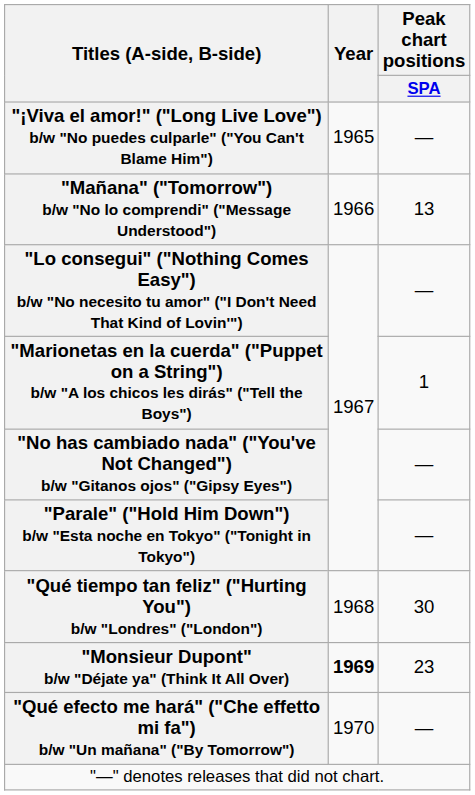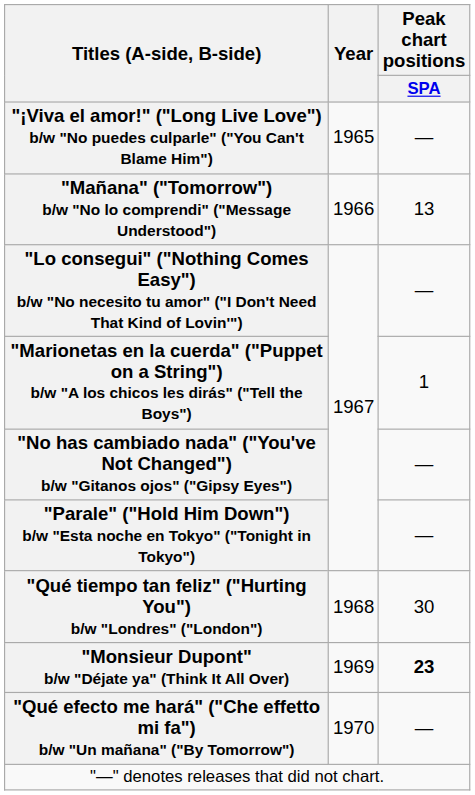 <table class="wikitable plainrowheaders" style="text-align:center;">
 <tr>
 <th rowspan="2" scope="col" style="width:17em;">Titles (A-side, B-side)</th>
 <th rowspan="2" scope="col" style="width:2em;">Year</th>
 <th>Peak chart positions</th>
 </tr>
 <tr>
 <th scope="col" style="width:2em;font-size:90%;"><a href='#'>SPA</a><br></th>
 </tr>
 <tr>
 <th scope="row">"¡Viva el amor!" ("Long Live Love")<br><small>b/w "No puedes culparle" ("You Can't Blame Him")</small></th>
 <td>1965</td>
 <td>—</td>
 </tr>
 <tr>
 <th scope="row">"Mañana" ("Tomorrow")<br><small>b/w "No lo comprendi" ("Message Understood")</small></th>
 <td>1966</td>
 <td>13</td>
 </tr>
 <tr>
 <th scope="row">"Lo consegui" ("Nothing Comes Easy")<br><small>b/w "No necesito tu amor" ("I Don't Need That Kind of Lovin'")</small></th>
 <td rowspan="4">1967</td>
 <td>—</td>
 </tr>
 <tr>
 <th scope="row">"Marionetas en la cuerda" ("Puppet on a String") <br><small>b/w "A los chicos les dirás" ("Tell the Boys")</small></th>
 <td>1</td>
 </tr>
 <tr>
 <th scope="row">"No has cambiado nada" ("You've Not Changed")<br><small>b/w "Gitanos ojos" ("Gipsy Eyes")</small></th>
 <td>—</td>
 </tr>
 <tr>
 <th scope="row">"Parale" ("Hold Him Down")<br><small>b/w "Esta noche en Tokyo" ("Tonight in Tokyo")</small></th>
 <td>—</td>
 </tr>
 <tr>
 <th scope="row">"Qué tiempo tan feliz" ("Hurting You")<br><small>b/w "Londres" ("London")</small></th>
 <td>1968</td>
 <td>30</td>
 </tr>
 <tr>
 <th scope="row">"Monsieur Dupont"<br><small>b/w "Déjate ya" (Think It All Over)</small></th>
-<td><strong>1969</strong></td>
-<td>23</td>
+<td>1969</td>
+<td><strong>23</strong></td>
 </tr>
 <tr>
 <th scope="row">"Qué efecto me hará" ("Che effetto mi fa")<br><small>b/w "Un mañana" ("By Tomorrow")</small></th>
 <td>1970</td>
 <td>—</td>
 </tr>
 <tr>
 <td colspan="3" style="font-size:90%">"—" denotes releases that did not chart.</td>
 </tr>
 </table>
